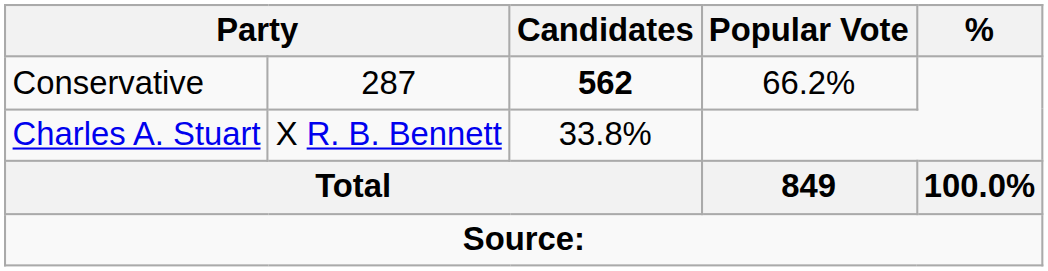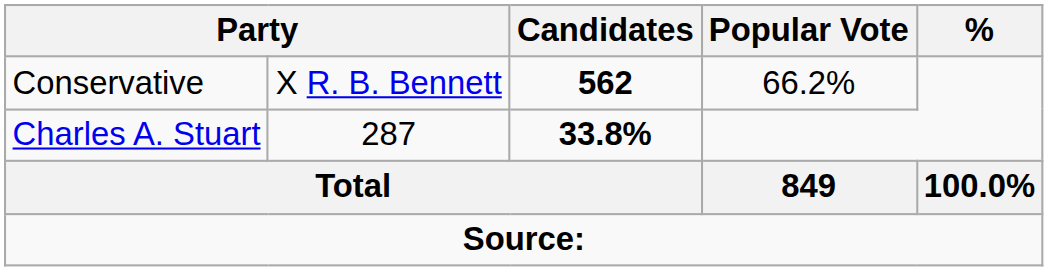 <table class="wikitable">
 <tr>
 <th colspan="2">Party</th>
 <th>Candidates</th>
 <th>Popular Vote</th>
 <th>%</th>
 </tr>
 <tr>
 <td>Conservative</td>
-<td align=center>287</td>
+<td> X <a href='#'>R. B. Bennett</a></td>
 <td align=center><strong>562</strong></td>
 <td align=center>66.2%</td>
 </tr>
 <tr>
 <td><a href='#'>Charles A. Stuart</a></td>
-<td> X <a href='#'>R. B. Bennett</a></td>
-<td align=center>33.8%</td>
+<td align=center>287</td>
+<td align=center><strong>33.8%</strong></td>
 </tr>
 <tr>
 <th colspan=3>Total</th>
 <th>849</th>
 <th>100.0%</th>
 </tr>
 <tr>
 <td align=center colspan=5><strong>Source:</strong> </td>
 </tr>
 </table>
